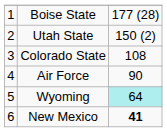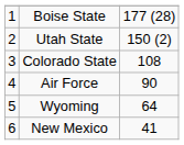 <table class="wikitable" style="display: inline-table;">
 <tr align="center">
 </tr>
 <tr align="center">
 <td>1</td>
 <td>Boise State</td>
 <td>177 (28)</td>
 </tr>
 <tr align="center">
 <td>2</td>
 <td>Utah State</td>
 <td>150 (2)</td>
 </tr>
 <tr align="center">
 <td>3</td>
 <td>Colorado State</td>
 <td>108</td>
 </tr>
 <tr align="center">
 <td>4</td>
 <td>Air Force</td>
 <td>90</td>
 </tr>
 <tr align="center">
 <td>5</td>
 <td>Wyoming</td>
-<td style="background: paleturquoise;">64</td>
+<td>64</td>
 </tr>
 <tr align="center">
 <td>6</td>
 <td>New Mexico</td>
-<td><strong>41</strong></td>
+<td>41</td>
 </tr>
 </table>
